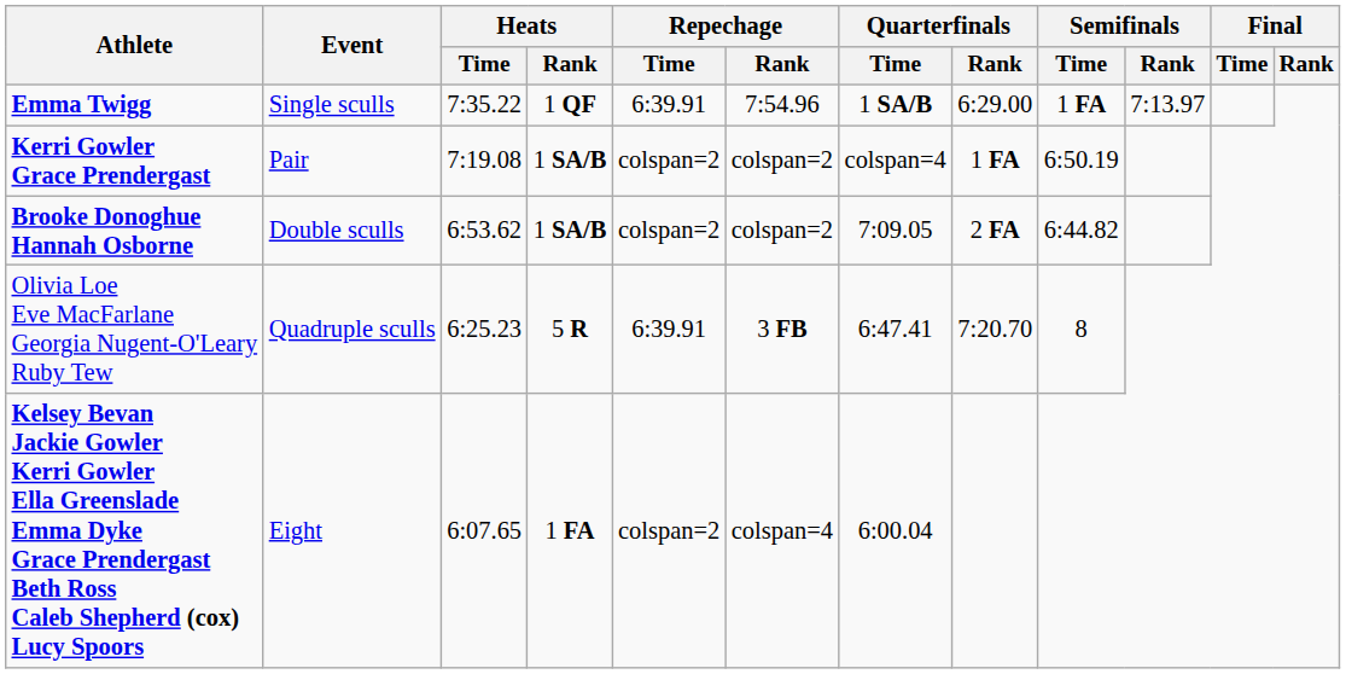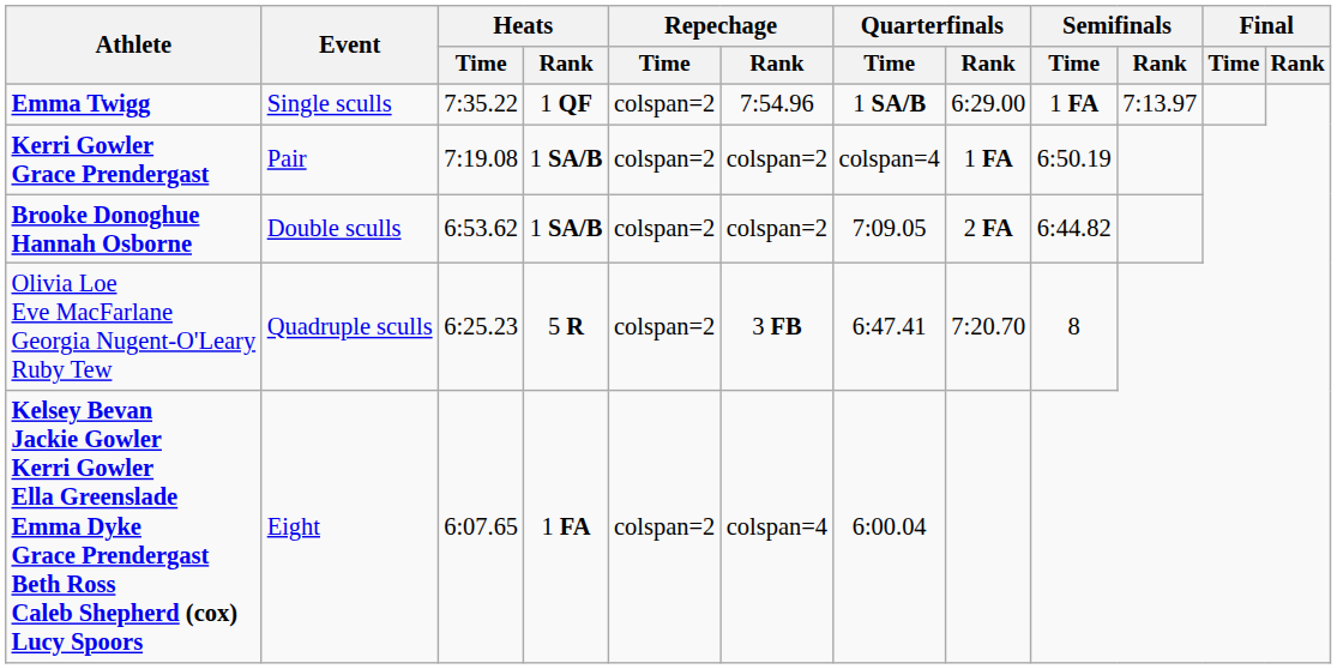 <table class="wikitable" style="font-size:90%">
 <tr>
 <th rowspan="2">Athlete</th>
 <th rowspan="2">Event</th>
 <th colspan="2">Heats</th>
 <th colspan="2">Repechage</th>
 <th colspan="2">Quarterfinals</th>
 <th colspan="2">Semifinals</th>
 <th colspan="2">Final</th>
 </tr>
 <tr style="font-size:95%">
 <th>Time</th>
 <th>Rank</th>
 <th>Time</th>
 <th>Rank</th>
 <th>Time</th>
 <th>Rank</th>
 <th>Time</th>
 <th>Rank</th>
 <th>Time</th>
 <th>Rank</th>
 </tr>
 <tr align=center>
 <td align=left><strong><a href='#'>Emma Twigg</a></strong></td>
 <td align=left><a href='#'>Single sculls</a></td>
 <td>7:35.22</td>
 <td>1 <strong>QF</strong></td>
-<td>6:39.91</td>
+<td>colspan=2 </td>
 <td>7:54.96</td>
 <td>1 <strong>SA/B</strong></td>
 <td>6:29.00</td>
 <td>1 <strong>FA</strong></td>
 <td>7:13.97 </td>
 <td></td>
 </tr>
 <tr align=center>
 <td align=left><strong><a href='#'>Kerri Gowler</a><br><a href='#'>Grace Prendergast</a></strong></td>
 <td align=left><a href='#'>Pair</a></td>
 <td>7:19.08</td>
 <td>1 <strong>SA/B</strong></td>
 <td>colspan=2 </td>
 <td>colspan=2 </td>
 <td>colspan=4 </td>
 <td>1 <strong>FA</strong></td>
 <td>6:50.19</td>
 <td></td>
 </tr>
 <tr align=center>
 <td align=left><strong><a href='#'>Brooke Donoghue</a><br><a href='#'>Hannah Osborne</a></strong></td>
 <td align=left><a href='#'>Double sculls</a></td>
 <td>6:53.62</td>
 <td>1 <strong>SA/B</strong></td>
 <td>colspan=2 </td>
 <td>colspan=2 </td>
 <td>7:09.05</td>
 <td>2 <strong>FA</strong></td>
 <td>6:44.82</td>
 <td></td>
 </tr>
 <tr align=center>
 <td align=left><a href='#'>Olivia Loe</a><br><a href='#'>Eve MacFarlane</a><br><a href='#'>Georgia Nugent-O'Leary</a><br><a href='#'>Ruby Tew</a></td>
 <td align=left><a href='#'>Quadruple sculls</a></td>
 <td>6:25.23</td>
 <td>5 <strong>R</strong></td>
-<td>6:39.91</td>
+<td>colspan=2 </td>
 <td>3 <strong>FB</strong></td>
 <td>6:47.41 </td>
 <td>7:20.70</td>
 <td>8</td>
 </tr>
 <tr align=center>
 <td align=left><strong><a href='#'>Kelsey Bevan</a><br><a href='#'>Jackie Gowler</a><br><a href='#'>Kerri Gowler</a><br><a href='#'>Ella Greenslade</a><br><a href='#'>Emma Dyke</a><br><a href='#'>Grace Prendergast</a><br><a href='#'>Beth Ross</a><br><a href='#'>Caleb Shepherd</a> (cox)<br><a href='#'>Lucy Spoors</a></strong></td>
 <td align=left><a href='#'>Eight</a></td>
 <td>6:07.65</td>
 <td>1 <strong>FA</strong></td>
 <td>colspan=2 </td>
 <td>colspan=4 </td>
 <td>6:00.04</td>
 <td></td>
 </tr>
 </table>
